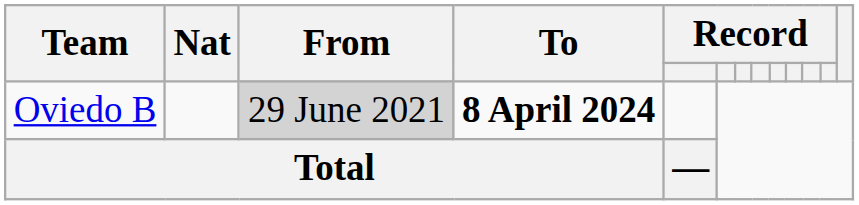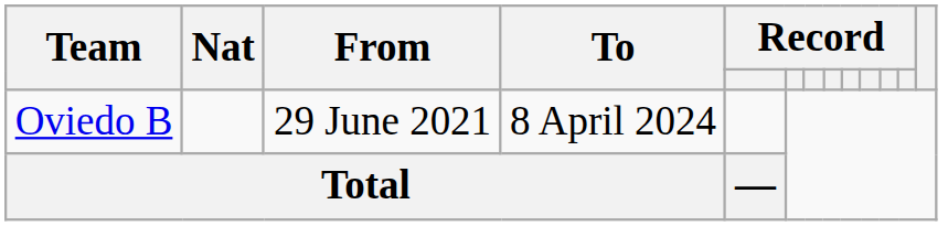 <table class="wikitable" style="text-align: center">
 <tr>
 <th rowspan="2">Team</th>
 <th rowspan="2">Nat</th>
 <th rowspan="2">From</th>
 <th rowspan="2">To</th>
 <th colspan="8">Record</th>
 <th rowspan=2></th>
 </tr>
 <tr>
 <th></th>
 <th></th>
 <th></th>
 <th></th>
 <th></th>
 <th></th>
 <th></th>
 <th></th>
 </tr>
 <tr>
 <td align="left"><a href='#'>Oviedo B</a></td>
 <td></td>
-<td align=left style="background: lightgrey;">29 June 2021</td>
-<td align=left><strong>8 April 2024<br></strong></td>
+<td align=left>29 June 2021</td>
+<td align=left>8 April 2024<br></td>
 <td></td>
 </tr>
 <tr>
 <th colspan="4">Total<br></th>
 <th>—</th>
 </tr>
 </table>
